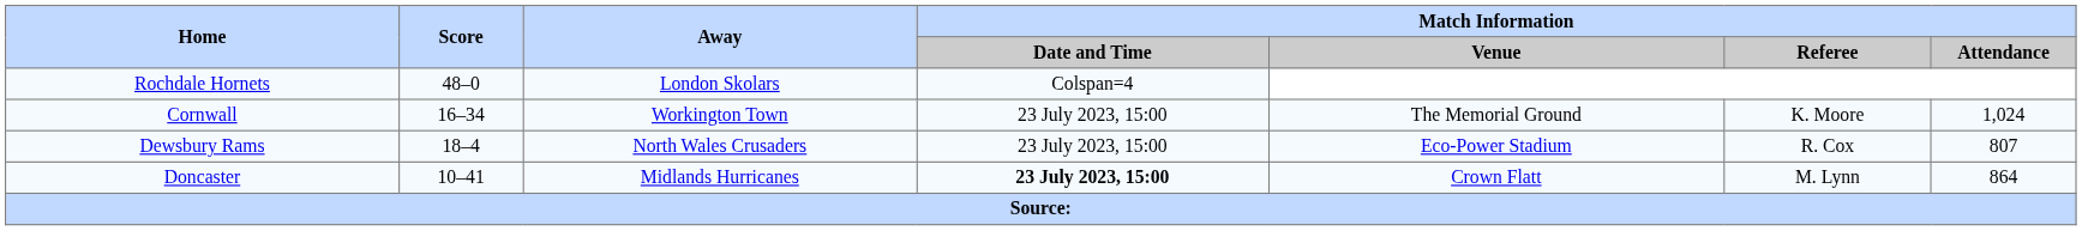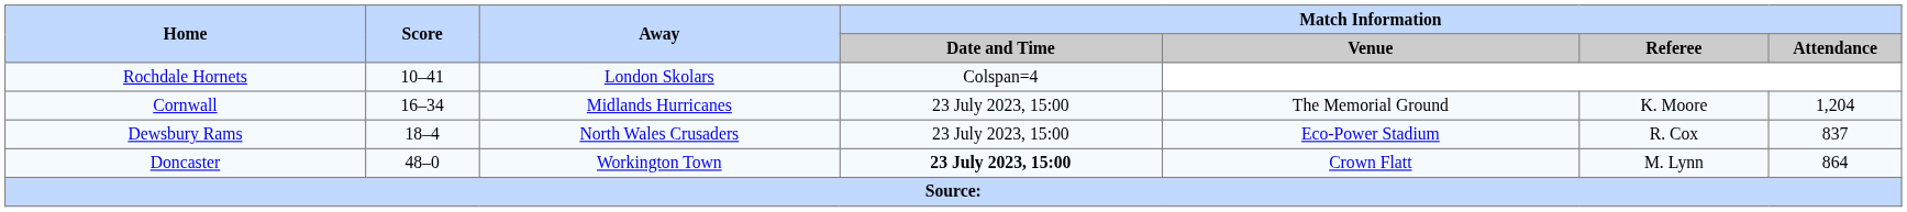 <table border=1 style="border-collapse:collapse; font-size:90%; text-align:center;" cellpadding=3 cellspacing=0 width=100%>
 <tr bgcolor=#C1D8FF>
 <th scope="col" rowspan=2 width=19%>Home</th>
 <th scope="col" rowspan=2 width=6%>Score</th>
 <th scope="col" rowspan=2 width=19%>Away</th>
 <th colspan=4>Match Information</th>
 </tr>
 <tr bgcolor=#CCCCCC>
 <th scope="col" width=17%>Date and Time</th>
 <th scope="col" width=22%>Venue</th>
 <th scope="col" width=10%>Referee</th>
 <th scope="col" width=7%>Attendance</th>
 </tr>
 <tr bgcolor=#F5FAFF>
 <td> <a href='#'>Rochdale Hornets</a></td>
-<td>48–0</td>
+<td>10–41</td>
 <td> <a href='#'>London Skolars</a></td>
 <td>Colspan=4</td>
 </tr>
 <tr bgcolor=#F5FAFF>
 <td> <a href='#'>Cornwall</a></td>
 <td>16–34</td>
-<td> <a href='#'>Workington Town</a></td>
+<td> <a href='#'>Midlands Hurricanes</a></td>
 <td>23 July 2023, 15:00</td>
 <td>The Memorial Ground</td>
 <td>K. Moore</td>
-<td>1,024</td>
+<td>1,204</td>
 </tr>
 <tr bgcolor=#F5FAFF>
 <td> <a href='#'>Dewsbury Rams</a></td>
 <td>18–4</td>
 <td>  <a href='#'>North Wales Crusaders</a></td>
 <td>23 July 2023, 15:00</td>
 <td><a href='#'>Eco-Power Stadium</a></td>
 <td>R. Cox</td>
-<td>807</td>
+<td>837</td>
 </tr>
 <tr bgcolor=#F5FAFF>
 <td> <a href='#'>Doncaster</a></td>
-<td>10–41</td>
-<td> <a href='#'>Midlands Hurricanes</a></td>
+<td>48–0</td>
+<td> <a href='#'>Workington Town</a></td>
 <td><strong>23 July 2023, 15:00</strong></td>
 <td><a href='#'>Crown Flatt</a></td>
 <td>M. Lynn</td>
 <td>864</td>
 </tr>
 <tr style="background:#c1d8ff;">
 <th colspan=7>Source:</th>
 </tr>
 </table>
